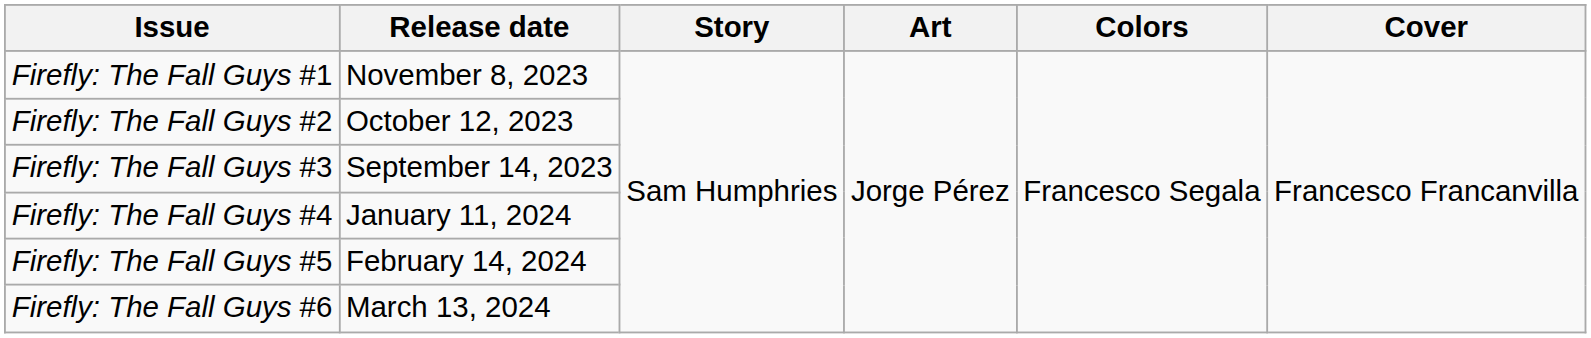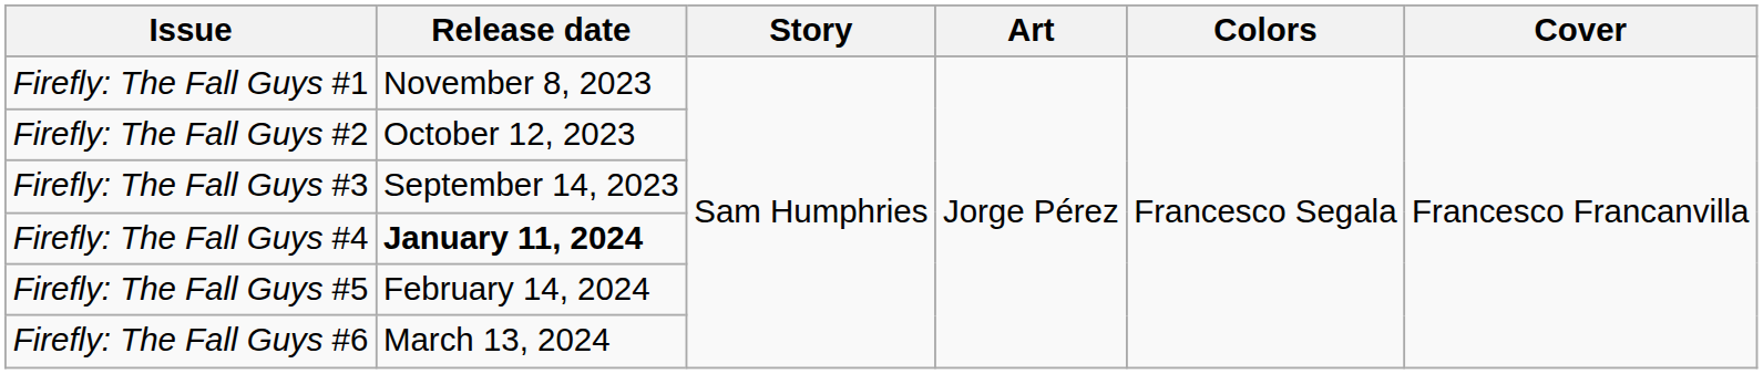 <table class="wikitable mw-collapsible"">
 <tr>
 <th>Issue</th>
 <th>Release date</th>
 <th>Story</th>
 <th>Art</th>
 <th>Colors</th>
 <th>Cover</th>
 </tr>
 <tr>
 <td><em>Firefly: The Fall Guys</em> #1</td>
 <td>November 8, 2023</td>
 <td rowspan="6">Sam Humphries</td>
 <td rowspan="6">Jorge Pérez</td>
 <td rowspan="6">Francesco Segala</td>
 <td rowspan="6">Francesco Francanvilla</td>
 </tr>
 <tr>
 <td><em> Firefly: The Fall Guys</em> #2</td>
 <td>October 12, 2023</td>
 </tr>
 <tr>
 <td><em> Firefly: The Fall Guys</em> #3</td>
 <td>September 14, 2023</td>
 </tr>
 <tr>
 <td><em> Firefly: The Fall Guys</em> #4</td>
-<td>January 11, 2024</td>
+<td><strong>January 11, 2024</strong></td>
 </tr>
 <tr>
 <td><em> Firefly: The Fall Guys</em> #5</td>
 <td>February 14, 2024</td>
 </tr>
 <tr>
 <td><em> Firefly: The Fall Guys</em> #6</td>
 <td>March 13, 2024</td>
 </tr>
 </table>
